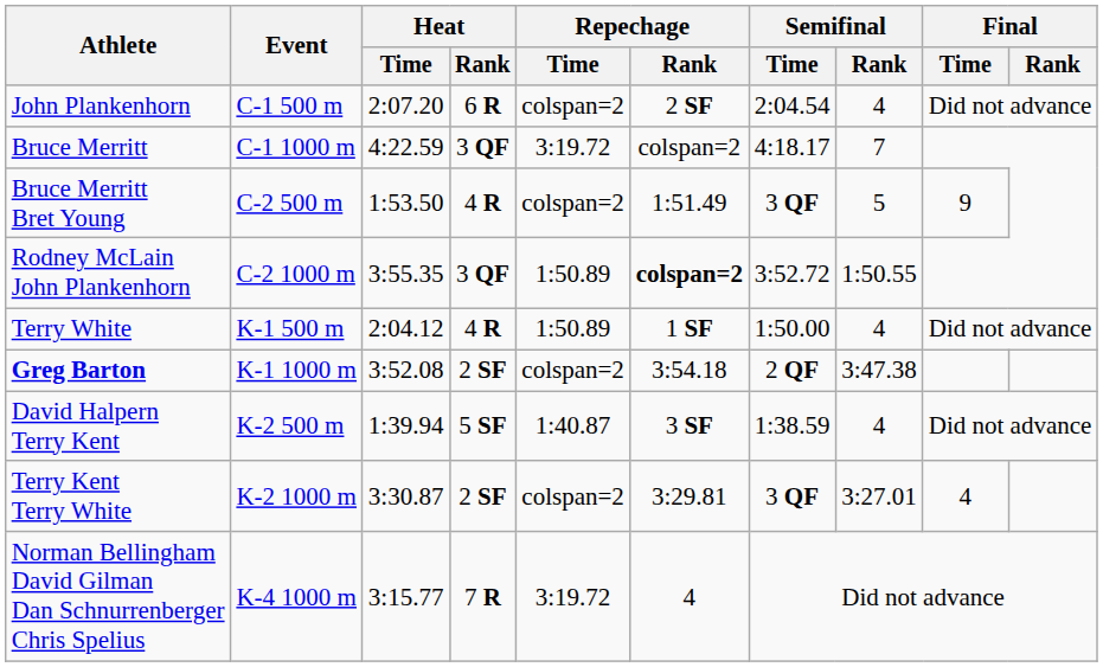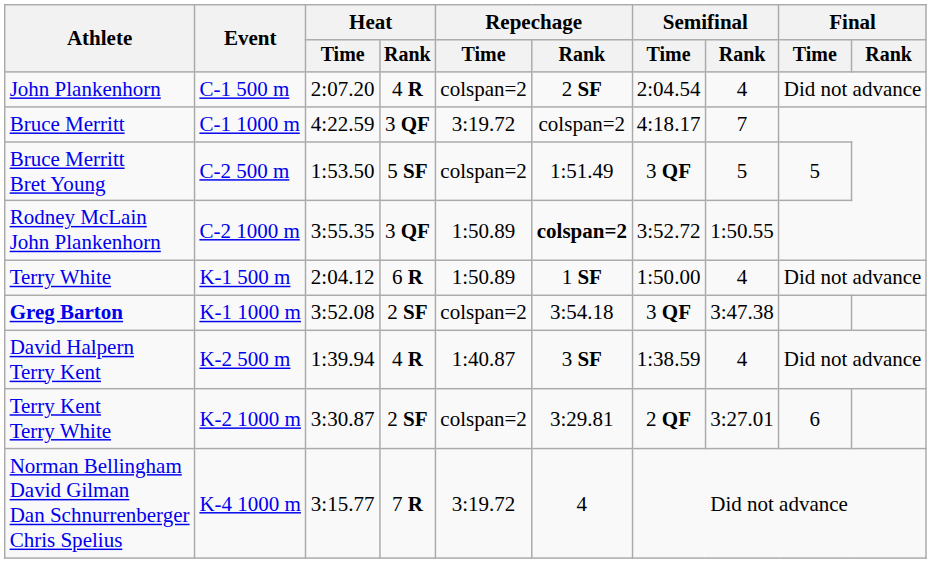 <table class=wikitable style=font-size:90%;text-align:center>
 <tr>
 <th rowspan=2>Athlete</th>
 <th rowspan=2>Event</th>
 <th colspan=2>Heat</th>
 <th colspan=2>Repechage</th>
 <th colspan=2>Semifinal</th>
 <th colspan=2>Final</th>
 </tr>
 <tr style=font-size:95%>
 <th>Time</th>
 <th>Rank</th>
 <th>Time</th>
 <th>Rank</th>
 <th>Time</th>
 <th>Rank</th>
 <th>Time</th>
 <th>Rank</th>
 </tr>
 <tr>
 <td align=left><a href='#'>John Plankenhorn</a></td>
 <td align=left><a href='#'>C-1 500 m</a></td>
 <td>2:07.20</td>
-<td>6 <strong>R</strong></td>
+<td>4 <strong>R</strong></td>
 <td>colspan=2 </td>
 <td>2 <strong>SF</strong></td>
 <td>2:04.54</td>
 <td>4</td>
 <td colspan=2>Did not advance</td>
 </tr>
 <tr>
 <td align=left><a href='#'>Bruce Merritt</a></td>
 <td align=left><a href='#'>C-1 1000 m</a></td>
 <td>4:22.59</td>
 <td>3 <strong>QF</strong></td>
 <td>3:19.72</td>
 <td>colspan=2 </td>
 <td>4:18.17</td>
 <td>7</td>
 </tr>
 <tr>
 <td align=left><a href='#'>Bruce Merritt</a><br><a href='#'>Bret Young</a></td>
 <td align=left><a href='#'>C-2 500 m</a></td>
 <td>1:53.50</td>
-<td>4 <strong>R</strong></td>
+<td>5 <strong>SF</strong></td>
 <td>colspan=2 </td>
 <td>1:51.49</td>
 <td>3 <strong>QF</strong></td>
 <td>5</td>
-<td>9</td>
+<td>5</td>
 </tr>
 <tr>
 <td align=left><a href='#'>Rodney McLain</a><br><a href='#'>John Plankenhorn</a></td>
 <td align=left><a href='#'>C-2 1000 m</a></td>
 <td>3:55.35</td>
 <td>3 <strong>QF</strong></td>
 <td>1:50.89</td>
 <td><strong>colspan=2 </strong></td>
 <td>3:52.72</td>
 <td>1:50.55</td>
 </tr>
 <tr>
 <td align=left><a href='#'>Terry White</a></td>
 <td align=left><a href='#'>K-1 500 m</a></td>
 <td>2:04.12</td>
-<td>4 <strong>R</strong></td>
+<td>6 <strong>R</strong></td>
 <td>1:50.89</td>
 <td>1 <strong>SF</strong></td>
 <td>1:50.00</td>
 <td>4</td>
 <td colspan=2>Did not advance</td>
 </tr>
 <tr>
 <td align=left><strong><a href='#'>Greg Barton</a></strong></td>
 <td align=left><a href='#'>K-1 1000 m</a></td>
 <td>3:52.08</td>
 <td>2 <strong>SF</strong></td>
 <td>colspan=2 </td>
 <td>3:54.18</td>
-<td>2 <strong>QF</strong></td>
+<td>3 <strong>QF</strong></td>
 <td>3:47.38</td>
 <td></td>
 </tr>
 <tr>
 <td align=left><a href='#'>David Halpern</a><br><a href='#'>Terry Kent</a></td>
 <td align=left><a href='#'>K-2 500 m</a></td>
 <td>1:39.94</td>
-<td>5 <strong>SF</strong></td>
+<td>4 <strong>R</strong></td>
 <td>1:40.87</td>
 <td>3 <strong>SF</strong></td>
 <td>1:38.59</td>
 <td>4</td>
 <td colspan=2>Did not advance</td>
 </tr>
 <tr>
 <td align=left><a href='#'>Terry Kent</a><br><a href='#'>Terry White</a></td>
 <td align=left><a href='#'>K-2 1000 m</a></td>
 <td>3:30.87</td>
 <td>2 <strong>SF</strong></td>
 <td>colspan=2 </td>
 <td>3:29.81</td>
-<td>3 <strong>QF</strong></td>
+<td>2 <strong>QF</strong></td>
 <td>3:27.01</td>
-<td>4</td>
+<td>6</td>
 </tr>
 <tr>
 <td align=left><a href='#'>Norman Bellingham</a><br><a href='#'>David Gilman</a><br><a href='#'>Dan Schnurrenberger</a><br><a href='#'>Chris Spelius</a></td>
 <td align=left><a href='#'>K-4 1000 m</a></td>
 <td>3:15.77</td>
 <td>7 <strong>R</strong></td>
 <td>3:19.72</td>
 <td>4</td>
 <td colspan=4>Did not advance</td>
 </tr>
 </table>
